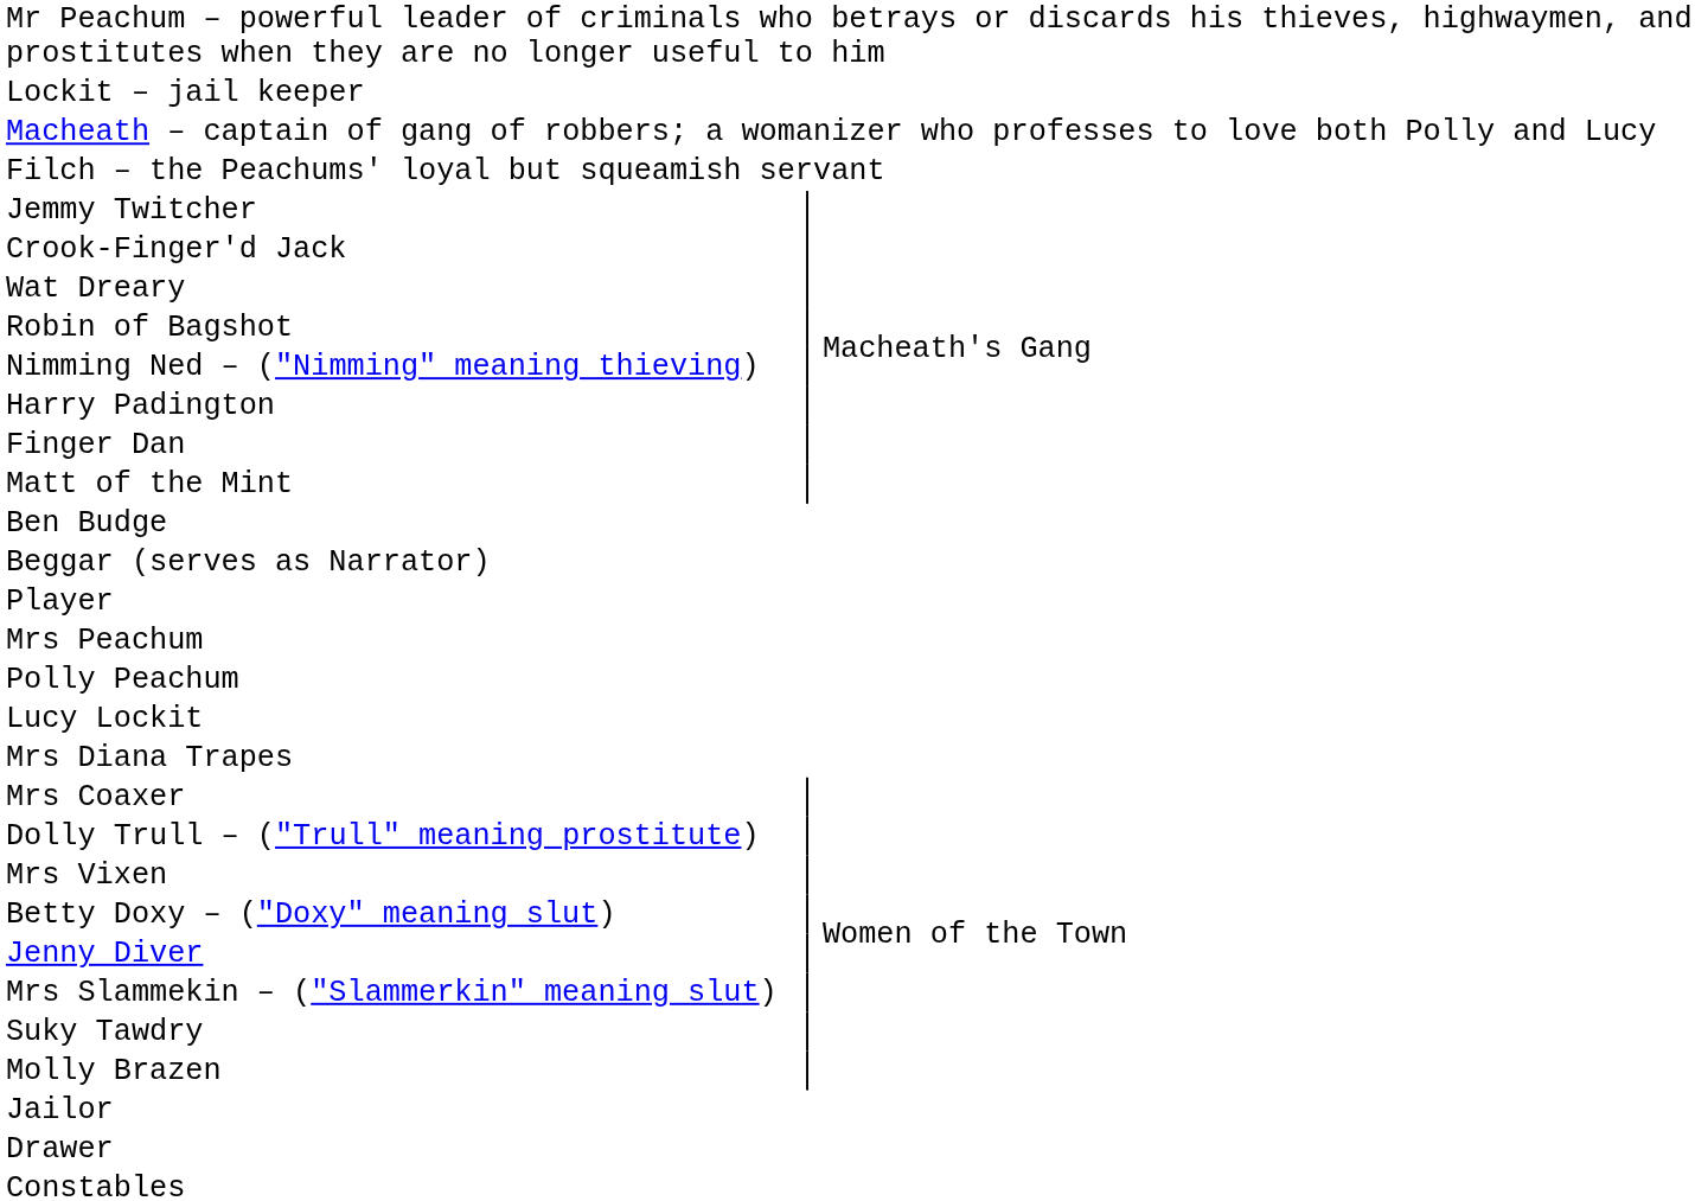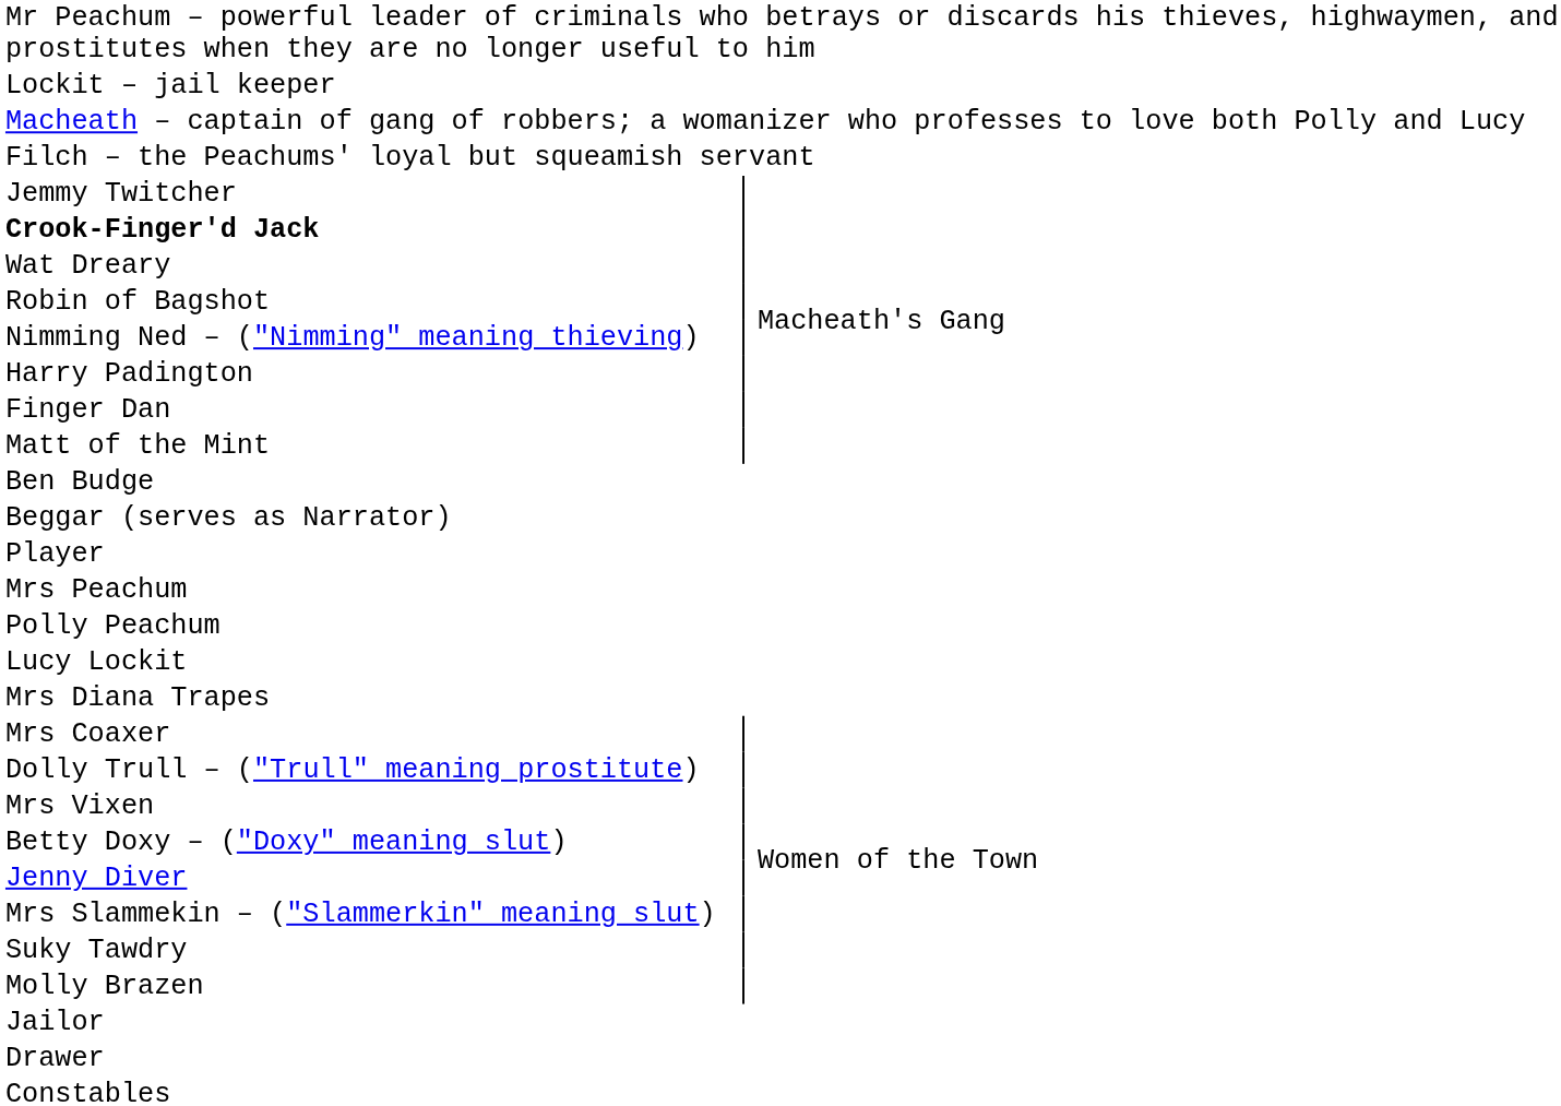 <table style="border-collapse: collapse">
 <tr>
 <td colspan="2">Mr Peachum – powerful leader of criminals who betrays or discards his thieves, highwaymen, and prostitutes when they are no longer useful to him</td>
 </tr>
 <tr>
 <td colspan="2">Lockit – jail keeper</td>
 </tr>
 <tr>
 <td colspan="2"><a href='#'>Macheath</a> – captain of gang of robbers; a womanizer who professes to love both Polly and Lucy</td>
 </tr>
 <tr>
 <td colspan="2">Filch – the Peachums' loyal but squeamish servant</td>
 </tr>
 <tr>
 <td style="width: 260pt;">Jemmy Twitcher</td>
 <td rowspan="8" style="padding-left: 0.5em; border-left: thin solid black; width: 350pt;">Macheath's Gang</td>
 </tr>
 <tr>
-<td>Crook-Finger'd Jack</td>
+<td><strong>Crook-Finger'd Jack</strong></td>
 </tr>
 <tr>
 <td>Wat Dreary</td>
 </tr>
 <tr>
 <td>Robin of Bagshot</td>
 </tr>
 <tr>
 <td>Nimming Ned – (<a href='#'>"Nimming" meaning thieving</a>)</td>
 </tr>
 <tr>
 <td>Harry Padington</td>
 </tr>
 <tr>
 <td>Finger Dan</td>
 </tr>
 <tr>
 <td>Matt of the Mint</td>
 </tr>
 <tr>
 <td colspan="2">Ben Budge</td>
 </tr>
 <tr>
 <td colspan="2">Beggar (serves as Narrator)</td>
 </tr>
 <tr>
 <td colspan="2">Player</td>
 </tr>
 <tr>
 <td colspan="2">Mrs Peachum</td>
 </tr>
 <tr>
 <td colspan="2">Polly Peachum</td>
 </tr>
 <tr>
 <td colspan="2">Lucy Lockit</td>
 </tr>
 <tr>
 <td colspan="2">Mrs Diana Trapes</td>
 </tr>
 <tr>
 <td>Mrs Coaxer</td>
 <td rowspan="8" style="padding-left: 0.5em; border-left: thin solid black;">Women of the Town</td>
 </tr>
 <tr>
 <td>Dolly Trull – (<a href='#'>"Trull" meaning prostitute</a>)</td>
 </tr>
 <tr>
 <td>Mrs Vixen</td>
 </tr>
 <tr>
 <td>Betty Doxy – (<a href='#'>"Doxy" meaning slut</a>)</td>
 </tr>
 <tr>
 <td><a href='#'>Jenny Diver</a></td>
 </tr>
 <tr>
 <td>Mrs Slammekin – (<a href='#'>"Slammerkin" meaning slut</a>)</td>
 </tr>
 <tr>
 <td>Suky Tawdry</td>
 </tr>
 <tr>
 <td>Molly Brazen</td>
 </tr>
 <tr>
 <td colspan="2">Jailor</td>
 </tr>
 <tr>
 <td colspan="2">Drawer</td>
 </tr>
 <tr>
 <td colspan="2">Constables</td>
 </tr>
 </table>
